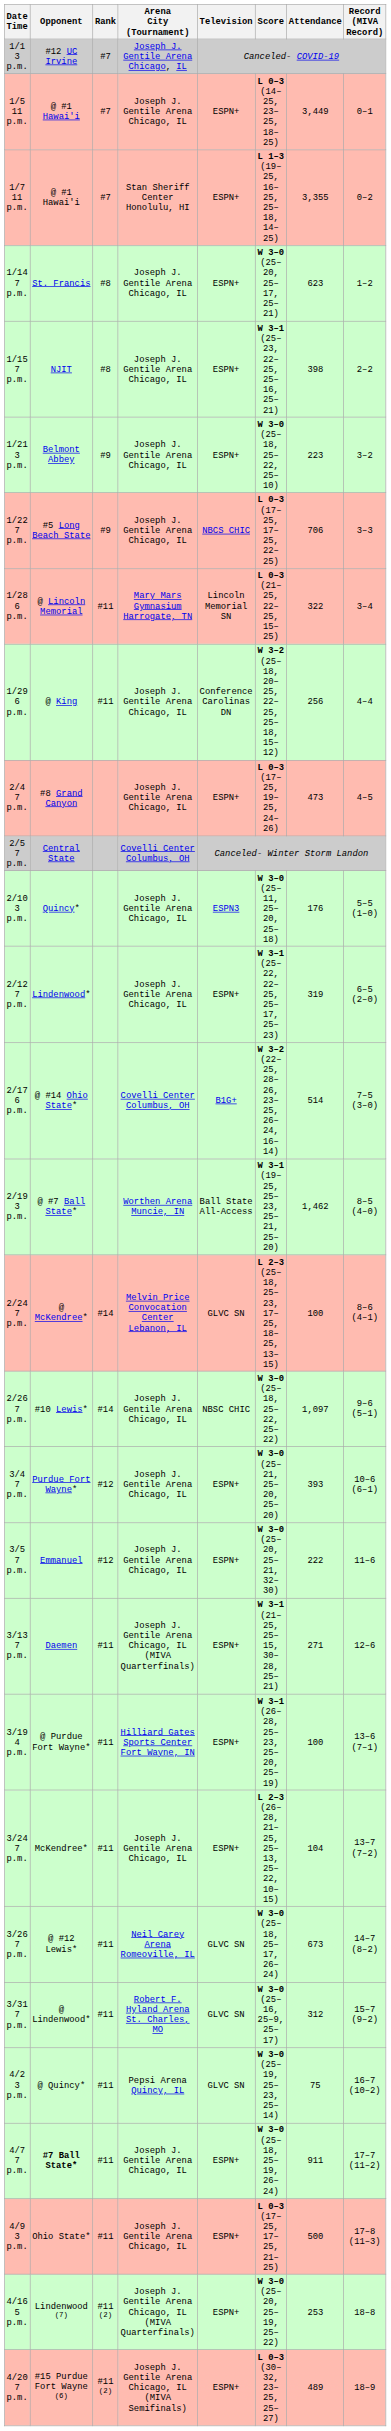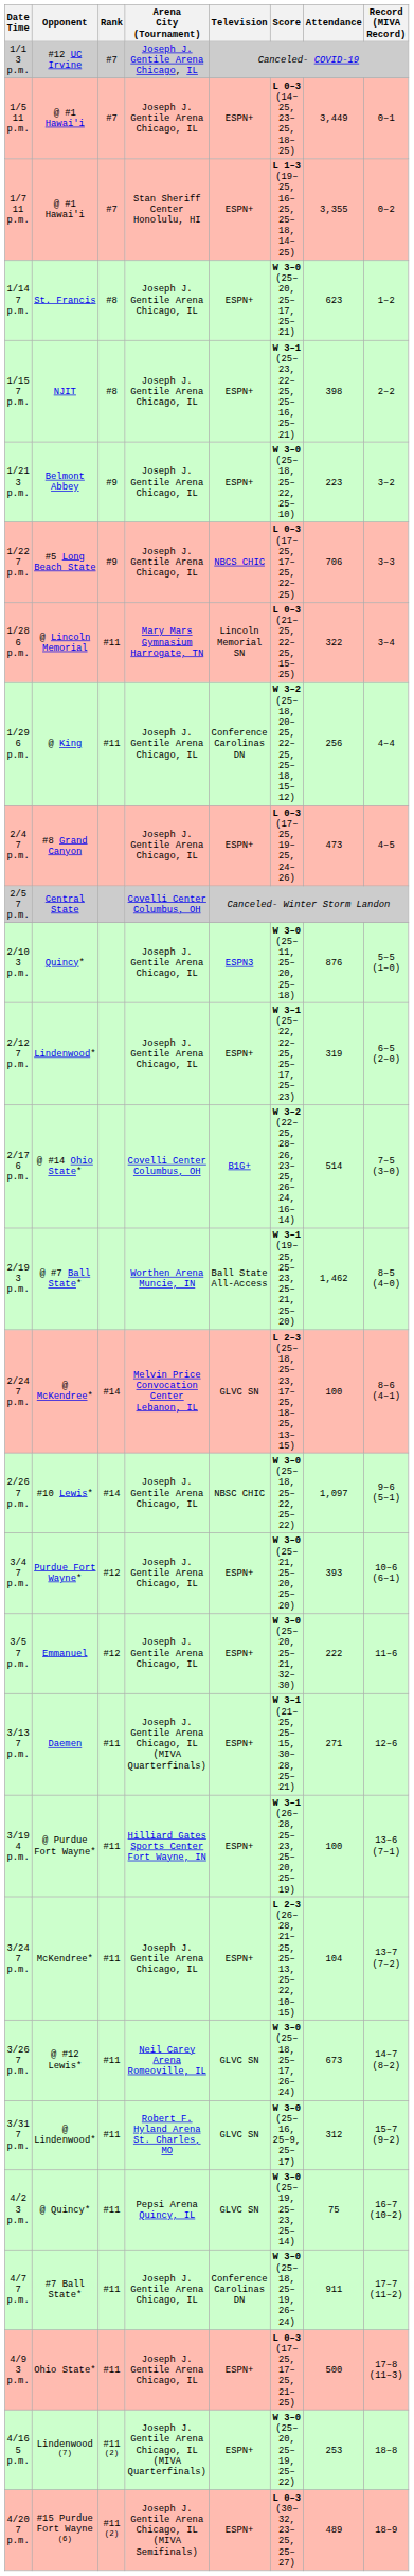 <table class="wikitable sortable" style="width:90%">
 <tr>
 <th>Date<br>Time</th>
 <th>Opponent</th>
 <th>Rank</th>
 <th>Arena<br>City<br>(Tournament)</th>
 <th>Television</th>
 <th>Score</th>
 <th>Attendance</th>
 <th>Record<br>(MIVA Record)</th>
 </tr>
 <tr align="center" bgcolor="#cccccc">
 <td>1/1<br>3 p.m.</td>
 <td>#12 <a href='#'>UC Irvine</a></td>
 <td>#7</td>
 <td><a href='#'>Joseph J. Gentile Arena</a><br><a href='#'>Chicago</a>, <a href='#'>IL</a></td>
 <td colspan="4" style="text-align:center;"><em>Canceled- <a href='#'>COVID-19</a></em></td>
 </tr>
 <tr align="center" bgcolor="#ffbbb">
 <td>1/5<br>11 p.m.</td>
 <td>@ #1 <a href='#'>Hawai'i</a></td>
 <td>#7</td>
 <td>Joseph J. Gentile Arena<br>Chicago, IL</td>
 <td>ESPN+</td>
 <td><strong>L 0–3</strong><br>(14–25, 23–25, 18–25)</td>
 <td>3,449</td>
 <td>0–1</td>
 </tr>
 <tr align="center" bgcolor="#ffbbb">
 <td>1/7<br>11 p.m.</td>
 <td>@ #1 Hawai'i</td>
 <td>#7</td>
 <td>Stan Sheriff Center<br>Honolulu, HI</td>
 <td>ESPN+</td>
 <td><strong>L 1–3</strong><br>(19–25, 16–25, 25–18, 14–25)</td>
 <td>3,355</td>
 <td>0–2</td>
 </tr>
 <tr align="center" bgcolor="#ccffcc">
 <td>1/14<br>7 p.m.</td>
 <td><a href='#'>St. Francis</a></td>
 <td>#8</td>
 <td>Joseph J. Gentile Arena<br>Chicago, IL</td>
 <td>ESPN+</td>
 <td><strong>W 3–0</strong><br>(25–20, 25–17, 25–21)</td>
 <td>623</td>
 <td>1–2</td>
 </tr>
 <tr align="center" bgcolor="#ccffcc">
 <td>1/15<br>7 p.m.</td>
 <td><a href='#'>NJIT</a></td>
 <td>#8</td>
 <td>Joseph J. Gentile Arena<br>Chicago, IL</td>
 <td>ESPN+</td>
 <td><strong>W 3–1</strong><br>(25–23, 22–25, 25–16, 25–21)</td>
 <td>398</td>
 <td>2–2</td>
 </tr>
 <tr align="center" bgcolor="#ccffcc">
 <td>1/21<br>3 p.m.</td>
 <td><a href='#'>Belmont Abbey</a></td>
 <td>#9</td>
 <td>Joseph J. Gentile Arena<br>Chicago, IL</td>
 <td>ESPN+</td>
 <td><strong>W 3–0</strong><br>(25–18, 25–22, 25–10)</td>
 <td>223</td>
 <td>3–2</td>
 </tr>
 <tr align="center" bgcolor="#ffbbb">
 <td>1/22<br>7 p.m.</td>
 <td>#5 <a href='#'>Long Beach State</a></td>
 <td>#9</td>
 <td>Joseph J. Gentile Arena<br>Chicago, IL</td>
 <td><a href='#'>NBCS CHIC</a></td>
 <td><strong>L 0–3</strong><br>(17–25, 17–25, 22–25)</td>
 <td>706</td>
 <td>3–3</td>
 </tr>
 <tr align="center" bgcolor="#ffbbb">
 <td>1/28<br>6 p.m.</td>
 <td>@ <a href='#'>Lincoln Memorial</a></td>
 <td>#11</td>
 <td><a href='#'>Mary Mars Gymnasium</a><br><a href='#'>Harrogate, TN</a></td>
 <td>Lincoln Memorial SN</td>
 <td><strong>L 0–3</strong><br>(21–25, 22–25, 15–25)</td>
 <td>322</td>
 <td>3–4</td>
 </tr>
 <tr align="center" bgcolor="#ccffcc">
 <td>1/29<br>6 p.m.</td>
 <td>@ <a href='#'>King</a></td>
 <td>#11</td>
 <td>Joseph J. Gentile Arena<br>Chicago, IL</td>
 <td>Conference Carolinas DN</td>
 <td><strong>W 3–2</strong><br>(25–18, 20–25, 22–25, 25–18, 15–12)</td>
 <td>256</td>
 <td>4–4</td>
 </tr>
 <tr align="center" bgcolor="#ffbbb">
 <td>2/4<br>7 p.m.</td>
 <td>#8 <a href='#'>Grand Canyon</a></td>
 <td></td>
 <td>Joseph J. Gentile Arena<br>Chicago, IL</td>
 <td>ESPN+</td>
 <td><strong>L 0–3</strong><br>(17–25, 19–25, 24–26)</td>
 <td>473</td>
 <td>4–5</td>
 </tr>
 <tr align="center" bgcolor="#cccccc">
 <td>2/5<br>7 p.m.</td>
 <td><a href='#'>Central State</a></td>
 <td></td>
 <td><a href='#'>Covelli Center</a><br><a href='#'>Columbus, OH</a></td>
 <td colspan="4" style="text-align:center;"><em>Canceled- Winter Storm Landon</em></td>
 </tr>
 <tr align="center" bgcolor="#ccffcc">
 <td>2/10<br>3 p.m.</td>
 <td><a href='#'>Quincy</a>*</td>
 <td></td>
 <td>Joseph J. Gentile Arena<br>Chicago, IL</td>
 <td><a href='#'>ESPN3</a></td>
 <td><strong>W 3–0</strong><br>(25–11, 25–20, 25–18)</td>
-<td>176</td>
+<td>876</td>
 <td>5–5<br>(1–0)</td>
 </tr>
 <tr align="center" bgcolor="#ccffcc">
 <td>2/12<br>7 p.m.</td>
 <td><a href='#'>Lindenwood</a>*</td>
 <td></td>
 <td>Joseph J. Gentile Arena<br>Chicago, IL</td>
 <td>ESPN+</td>
 <td><strong>W 3–1</strong><br>(25–22, 22–25, 25–17, 25–23)</td>
 <td>319</td>
 <td>6–5<br>(2–0)</td>
 </tr>
 <tr align="center" bgcolor="#ccffcc">
 <td>2/17<br>6 p.m.</td>
 <td>@ #14 <a href='#'>Ohio State</a>*</td>
 <td></td>
 <td><a href='#'>Covelli Center</a><br><a href='#'>Columbus, OH</a></td>
 <td><a href='#'>B1G+</a></td>
 <td><strong>W 3–2</strong><br>(22–25, 28–26, 23–25, 26–24, 16–14)</td>
 <td>514</td>
 <td>7–5<br>(3–0)</td>
 </tr>
 <tr align="center" bgcolor="#ccffcc">
 <td>2/19<br>3 p.m.</td>
 <td>@ #7 <a href='#'>Ball State</a>*</td>
 <td></td>
 <td><a href='#'>Worthen Arena</a><br><a href='#'>Muncie, IN</a></td>
 <td>Ball State All-Access</td>
 <td><strong>W 3–1</strong><br>(19–25, 25–23, 25–21, 25–20)</td>
 <td>1,462</td>
 <td>8–5<br>(4–0)</td>
 </tr>
 <tr align="center" bgcolor="#ffbbb">
 <td>2/24<br>7 p.m.</td>
 <td>@ <a href='#'>McKendree</a>*</td>
 <td>#14</td>
 <td><a href='#'>Melvin Price Convocation Center</a><br><a href='#'>Lebanon, IL</a></td>
 <td>GLVC SN</td>
 <td><strong>L 2–3</strong><br>(25–18, 25–23, 17–25, 18–25, 13–15)</td>
 <td>100</td>
 <td>8–6<br>(4–1)</td>
 </tr>
 <tr align="center" bgcolor="#ccffcc">
 <td>2/26<br>7 p.m.</td>
 <td>#10 <a href='#'>Lewis</a>*</td>
 <td>#14</td>
 <td>Joseph J. Gentile Arena<br>Chicago, IL</td>
 <td>NBSC CHIC</td>
 <td><strong>W 3–0</strong><br>(25–18, 25–22, 25–22)</td>
 <td>1,097</td>
 <td>9–6<br>(5–1)</td>
 </tr>
 <tr align="center" bgcolor="#ccffcc">
 <td>3/4<br>7 p.m.</td>
 <td><a href='#'>Purdue Fort Wayne</a>*</td>
 <td>#12</td>
 <td>Joseph J. Gentile Arena<br>Chicago, IL</td>
 <td>ESPN+</td>
 <td><strong>W 3–0</strong><br>(25–21, 25–20, 25–20)</td>
 <td>393</td>
 <td>10–6<br>(6–1)</td>
 </tr>
 <tr align="center" bgcolor="#ccffcc">
 <td>3/5<br>7 p.m.</td>
 <td><a href='#'>Emmanuel</a></td>
 <td>#12</td>
 <td>Joseph J. Gentile Arena<br>Chicago, IL</td>
 <td>ESPN+</td>
 <td><strong>W 3–0</strong><br>(25–20, 25–21, 32–30)</td>
 <td>222</td>
 <td>11–6</td>
 </tr>
 <tr align="center" bgcolor="#ccffcc">
 <td>3/13<br>7 p.m.</td>
 <td><a href='#'>Daemen</a></td>
 <td>#11</td>
 <td>Joseph J. Gentile Arena<br>Chicago, IL<br>(MIVA Quarterfinals)</td>
 <td>ESPN+</td>
 <td><strong>W 3–1</strong><br>(21–25, 25–15, 30–28, 25–21)</td>
 <td>271</td>
 <td>12–6</td>
 </tr>
 <tr align="center" bgcolor="#ccffcc">
 <td>3/19<br>4 p.m.</td>
 <td>@ Purdue Fort Wayne*</td>
 <td>#11</td>
 <td><a href='#'>Hilliard Gates Sports Center</a><br><a href='#'>Fort Wayne, IN</a></td>
 <td>ESPN+</td>
 <td><strong>W 3–1</strong><br>(26–28, 25–23, 25–20, 25–19)</td>
 <td>100</td>
 <td>13–6<br>(7–1)</td>
 </tr>
 <tr align="center" bgcolor="#ccffcc">
 <td>3/24<br>7 p.m.</td>
 <td>McKendree*</td>
 <td>#11</td>
 <td>Joseph J. Gentile Arena<br>Chicago, IL</td>
 <td>ESPN+</td>
 <td><strong>L 2–3</strong><br>(26–28, 21–25, 25–13, 25–22, 10–15)</td>
 <td>104</td>
 <td>13–7<br>(7–2)</td>
 </tr>
 <tr align="center" bgcolor="#ccffcc">
 <td>3/26<br>7 p.m.</td>
 <td>@ #12 Lewis*</td>
 <td>#11</td>
 <td><a href='#'>Neil Carey Arena</a><br><a href='#'>Romeoville, IL</a></td>
 <td>GLVC SN</td>
 <td><strong>W 3–0</strong><br>(25–18, 25–17, 26–24)</td>
 <td>673</td>
 <td>14–7<br>(8–2)</td>
 </tr>
 <tr align="center" bgcolor="#ccffcc">
 <td>3/31<br>7 p.m.</td>
 <td>@ Lindenwood*</td>
 <td>#11</td>
 <td><a href='#'>Robert F. Hyland Arena</a><br><a href='#'>St. Charles, MO</a></td>
 <td>GLVC SN</td>
 <td><strong>W 3–0</strong><br>(25–16, 25–9, 25–17)</td>
 <td>312</td>
 <td>15–7<br>(9–2)</td>
 </tr>
 <tr align="center" bgcolor="#ccffcc">
 <td>4/2<br>3 p.m.</td>
 <td>@ Quincy*</td>
 <td>#11</td>
 <td>Pepsi Arena<br><a href='#'>Quincy, IL</a></td>
 <td>GLVC SN</td>
 <td><strong>W 3–0</strong><br>(25–19, 25–23, 25–14)</td>
 <td>75</td>
 <td>16–7<br>(10–2)</td>
 </tr>
 <tr align="center" bgcolor="#ccffcc">
 <td>4/7<br>7 p.m.</td>
-<td><strong>#7 Ball State*</strong></td>
+<td>#7 Ball State*</td>
 <td>#11</td>
 <td>Joseph J. Gentile Arena<br>Chicago, IL</td>
-<td>ESPN+</td>
+<td>Conference Carolinas DN</td>
 <td><strong>W 3–0</strong><br>(25–18, 25–19, 26–24)</td>
 <td>911</td>
 <td>17–7<br>(11–2)</td>
 </tr>
 <tr align="center" bgcolor="#ffbbb">
 <td>4/9<br>3 p.m.</td>
 <td>Ohio State*</td>
 <td>#11</td>
 <td>Joseph J. Gentile Arena<br>Chicago, IL</td>
 <td>ESPN+</td>
 <td><strong>L 0–3</strong><br>(17–25, 17–25, 21–25)</td>
 <td>500</td>
 <td>17–8<br>(11–3)</td>
 </tr>
 <tr align="center" bgcolor="#ccffcc">
 <td>4/16<br>5 p.m.</td>
 <td>Lindenwood <br> <sup>(7)</sup></td>
 <td>#11 <br> <sup>(2)</sup></td>
 <td>Joseph J. Gentile Arena<br>Chicago, IL<br>(MIVA Quarterfinals)</td>
 <td>ESPN+</td>
 <td><strong>W 3–0</strong><br>(25–20, 25–19, 25–22)</td>
 <td>253</td>
 <td>18–8</td>
 </tr>
 <tr align="center" bgcolor="#ffbbb">
 <td>4/20<br>7 p.m.</td>
 <td>#15 Purdue Fort Wayne <br> <sup>(6)</sup></td>
 <td>#11 <br> <sup>(2)</sup></td>
 <td>Joseph J. Gentile Arena<br>Chicago, IL<br>(MIVA Semifinals)</td>
 <td>ESPN+</td>
 <td><strong>L 0–3</strong><br>(30–32, 23–25, 25–27)</td>
 <td>489</td>
 <td>18–9</td>
 </tr>
 </table>
